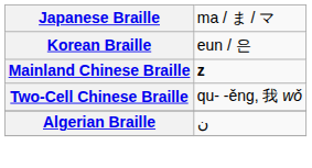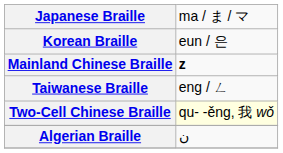 <table class="wikitable">
 <tr>
 <th align=left><a href='#'>Japanese Braille</a></th>
 <td>ma / ま / マ </td>
 </tr>
 <tr>
 <th align=left><a href='#'>Korean Braille</a></th>
 <td>eun / 은 </td>
 </tr>
 <tr>
 <th align=left><a href='#'>Mainland Chinese Braille</a></th>
 <td><strong>z </strong></td>
 </tr>
 <tr>
+<th align=left><a href='#'>Taiwanese Braille</a></th>
+<td>eng / ㄥ</td>
+</tr>
+<tr>
 <th align=left><a href='#'>Two-Cell Chinese Braille</a></th>
-<td>qu- -ěng, 我 <em>wǒ</em></td>
+<td style="background: lightyellow;">qu- -ěng, 我 <em>wǒ</em></td>
 </tr>
 <tr>
 </tr>
 <tr>
 </tr>
 <tr>
 <th align=left><a href='#'>Algerian Braille</a></th>
 <td>ن ‎</td>
 </tr>
 <tr>
 </tr>
 </table>
